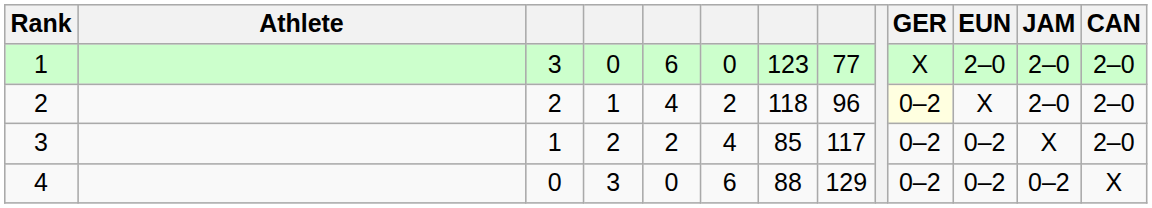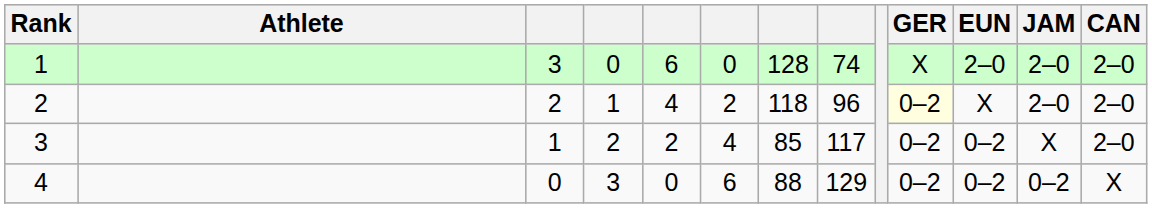 <table class="wikitable" style="text-align:center">
 <tr>
 <th>Rank</th>
 <th width=280>Athlete</th>
 <th width=30></th>
 <th width=30></th>
 <th width=30></th>
 <th width=30></th>
 <th width=30></th>
 <th width=30></th>
 <th rowspan=5></th>
 <th width=30>GER</th>
 <th width=30>EUN</th>
 <th width=30>JAM</th>
 <th width=30>CAN</th>
 </tr>
 <tr style="background-color:#ccffcc;">
 <td>1</td>
 <td align=left></td>
 <td>3</td>
 <td>0</td>
 <td>6</td>
 <td>0</td>
-<td>123</td>
-<td>77</td>
+<td>128</td>
+<td>74</td>
 <td>X</td>
 <td>2–0</td>
 <td>2–0</td>
 <td>2–0</td>
 </tr>
 <tr>
 <td>2</td>
 <td align=left></td>
 <td>2</td>
 <td>1</td>
 <td>4</td>
 <td>2</td>
 <td>118</td>
 <td>96</td>
 <td style="background: lightyellow;">0–2</td>
 <td>X</td>
 <td>2–0</td>
 <td>2–0</td>
 </tr>
 <tr>
 <td>3</td>
 <td align=left></td>
 <td>1</td>
 <td>2</td>
 <td>2</td>
 <td>4</td>
 <td>85</td>
 <td>117</td>
 <td>0–2</td>
 <td>0–2</td>
 <td>X</td>
 <td>2–0</td>
 </tr>
 <tr>
 <td>4</td>
 <td align=left></td>
 <td>0</td>
 <td>3</td>
 <td>0</td>
 <td>6</td>
 <td>88</td>
 <td>129</td>
 <td>0–2</td>
 <td>0–2</td>
 <td>0–2</td>
 <td>X</td>
 </tr>
 </table>
